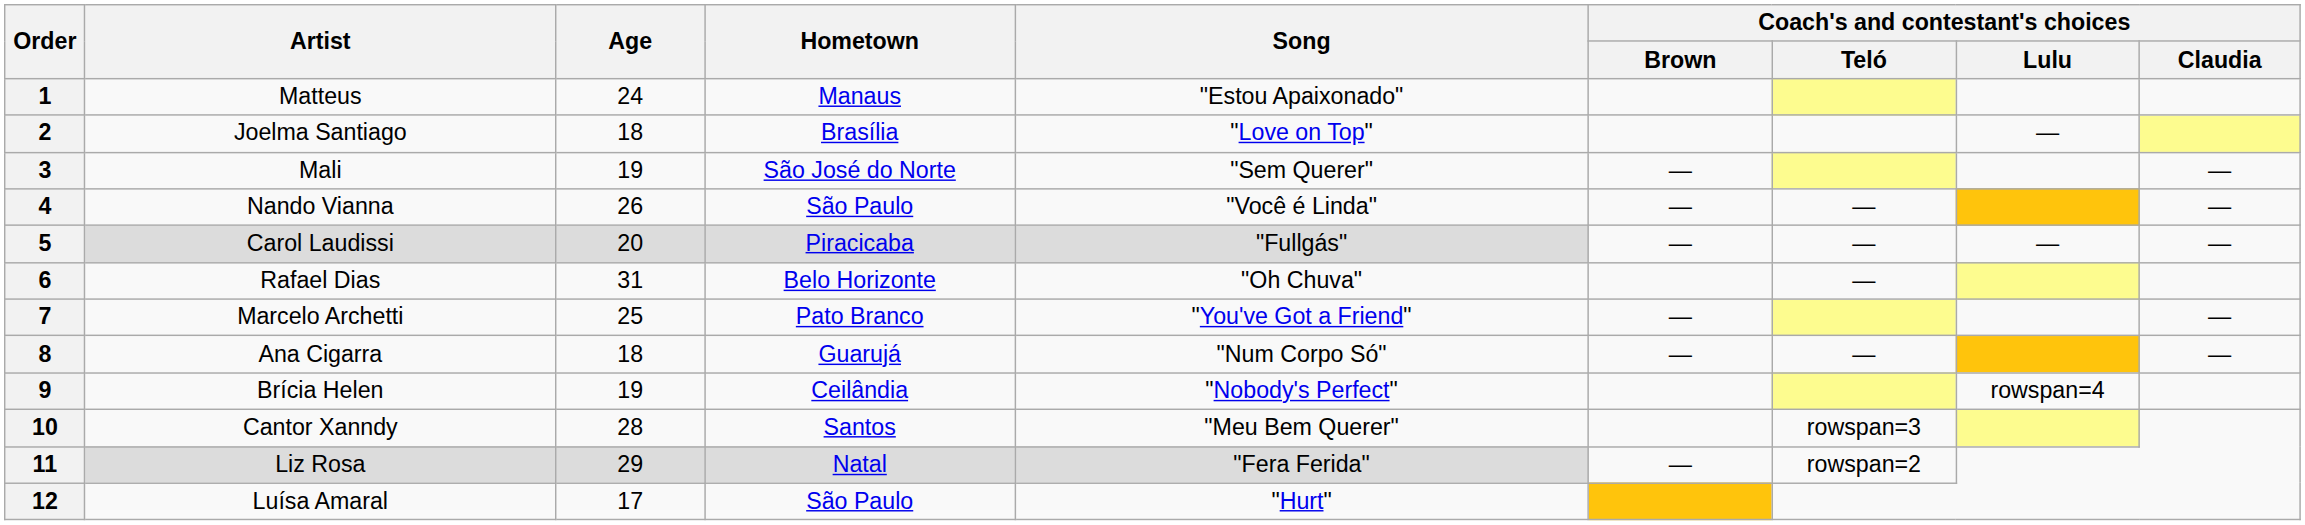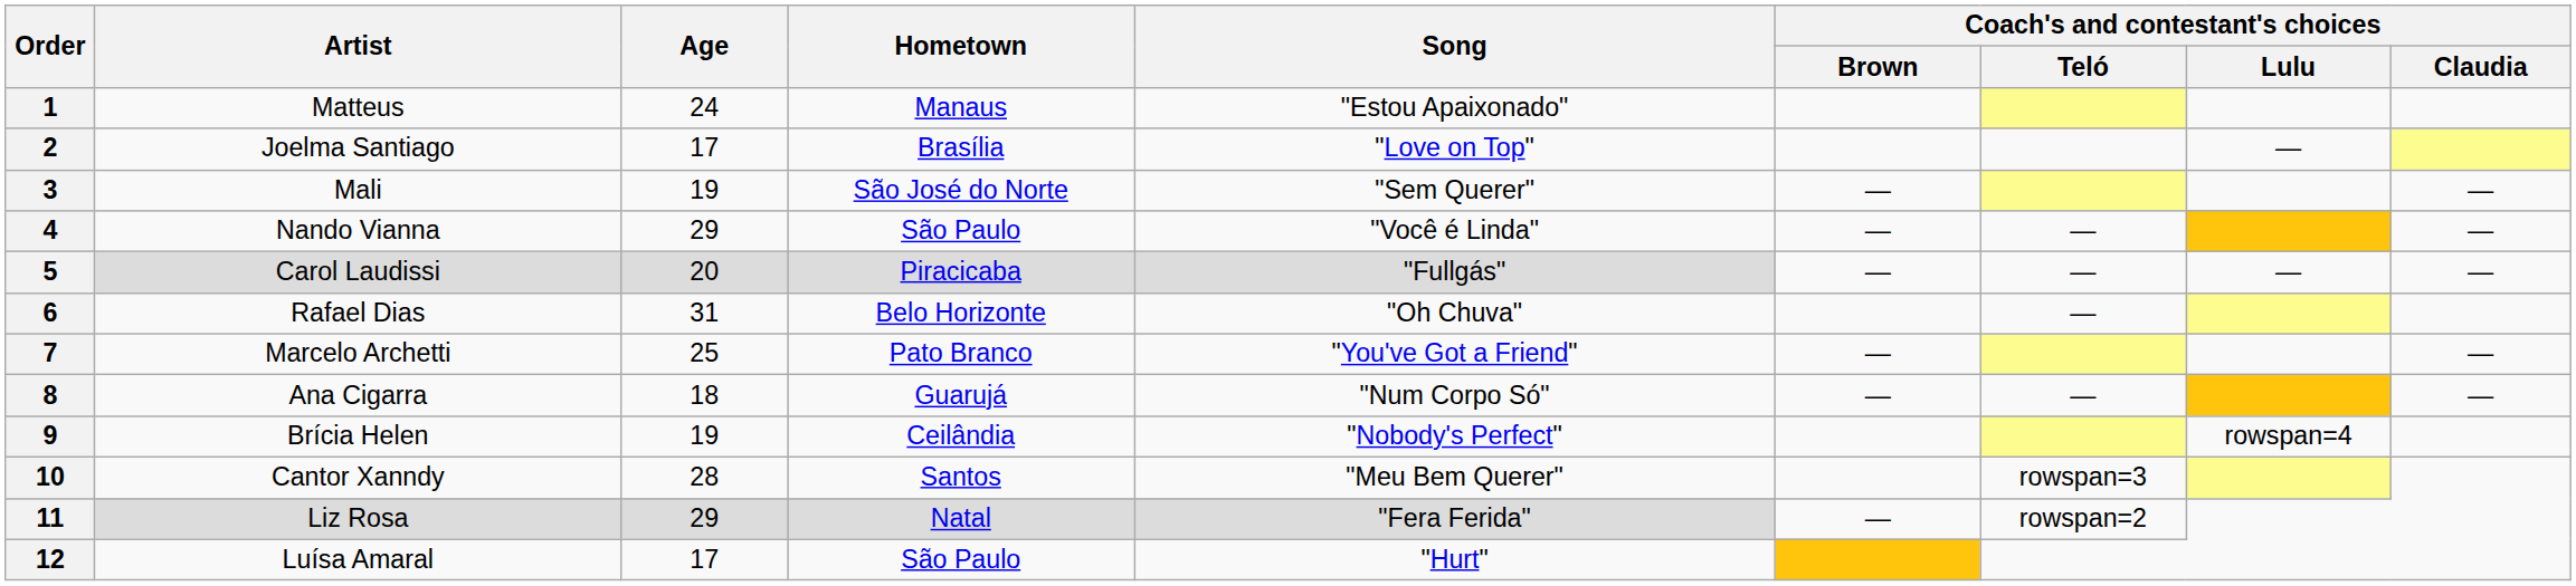 <table class="wikitable" style="text-align:center; width:100%;">
 <tr>
 <th rowspan=2 width="03.5%">Order</th>
 <th rowspan=2 width="20.5%">Artist</th>
 <th rowspan=2 width="06.5%">Age</th>
 <th rowspan=2 width="13.5%">Hometown</th>
 <th rowspan=2 width="25.0%">Song</th>
 <th colspan=4 width="32.0%">Coach's and contestant's choices</th>
 </tr>
 <tr>
 <th width="8.0%">Brown</th>
 <th width="8.0%">Teló</th>
 <th width="8.0%">Lulu</th>
 <th width="8.0%">Claudia</th>
 </tr>
 <tr>
 <th>1</th>
 <td>Matteus</td>
 <td>24</td>
 <td><a href='#'>Manaus</a></td>
 <td>"Estou Apaixonado"</td>
 <td><strong></strong></td>
 <td style="background-color:#fdfc8f"><strong></strong></td>
 <td><strong></strong></td>
 <td><strong></strong></td>
 </tr>
 <tr>
 <th>2</th>
 <td>Joelma Santiago</td>
-<td>18</td>
+<td>17</td>
 <td><a href='#'>Brasília</a></td>
 <td>"<a href='#'>Love on Top</a>"</td>
 <td><strong></strong></td>
 <td><strong></strong></td>
 <td>—</td>
 <td style="background-color:#fdfc8f"><strong></strong></td>
 </tr>
 <tr>
 <th>3</th>
 <td>Mali</td>
 <td>19</td>
 <td><a href='#'>São José do Norte</a></td>
 <td>"Sem Querer"</td>
 <td>—</td>
 <td style="background-color:#fdfc8f"><strong></strong></td>
 <td><strong></strong></td>
 <td>—</td>
 </tr>
 <tr>
 <th>4</th>
 <td>Nando Vianna</td>
-<td>26</td>
+<td>29</td>
 <td><a href='#'>São Paulo</a></td>
 <td>"Você é Linda"</td>
 <td>—</td>
 <td>—</td>
 <td style="background-color:#ffc40c"><strong></strong></td>
 <td>—</td>
 </tr>
 <tr>
 <th>5</th>
 <td style="background-color:#dcdcdc">Carol Laudissi</td>
 <td style="background-color:#dcdcdc">20</td>
 <td style="background-color:#dcdcdc"><a href='#'>Piracicaba</a></td>
 <td style="background-color:#dcdcdc">"Fullgás"</td>
 <td>—</td>
 <td>—</td>
 <td>—</td>
 <td>—</td>
 </tr>
 <tr>
 <th>6</th>
 <td>Rafael Dias</td>
 <td>31</td>
 <td><a href='#'>Belo Horizonte</a></td>
 <td>"Oh Chuva"</td>
 <td><strong></strong></td>
 <td>—</td>
 <td style="background-color:#fdfc8f"><strong></strong></td>
 <td><strong></strong></td>
 </tr>
 <tr>
 <th>7</th>
 <td>Marcelo Archetti</td>
 <td>25</td>
 <td><a href='#'>Pato Branco</a></td>
 <td>"<a href='#'>You've Got a Friend</a>"</td>
 <td>—</td>
 <td style="background-color:#fdfc8f"><strong></strong></td>
 <td><strong></strong></td>
 <td>—</td>
 </tr>
 <tr>
 <th>8</th>
 <td>Ana Cigarra</td>
 <td>18</td>
 <td><a href='#'>Guarujá</a></td>
 <td>"Num Corpo Só"</td>
 <td>—</td>
 <td>—</td>
 <td style="background-color:#FFC40C"><strong></strong></td>
 <td>—</td>
 </tr>
 <tr>
 <th>9</th>
 <td>Brícia Helen</td>
 <td>19</td>
 <td><a href='#'>Ceilândia</a></td>
 <td>"<a href='#'>Nobody's Perfect</a>"</td>
 <td><strong></strong></td>
 <td style="background-color:#fdfc8f"><strong></strong></td>
 <td>rowspan=4 </td>
 <td><strong></strong></td>
 </tr>
 <tr>
 <th>10</th>
 <td>Cantor Xanndy</td>
 <td>28</td>
 <td><a href='#'>Santos</a></td>
 <td>"Meu Bem Querer"</td>
 <td><strong></strong></td>
 <td>rowspan=3 </td>
 <td style="background-color:#fdfc8f"><strong></strong></td>
 </tr>
 <tr>
 <th>11</th>
 <td style="background-color:#dcdcdc">Liz Rosa</td>
 <td style="background-color:#dcdcdc">29</td>
 <td style="background-color:#dcdcdc"><a href='#'>Natal</a></td>
 <td style="background-color:#dcdcdc">"Fera Ferida"</td>
 <td>—</td>
 <td>rowspan=2 </td>
 </tr>
 <tr>
 <th>12</th>
 <td>Luísa Amaral</td>
 <td>17</td>
 <td><a href='#'>São Paulo</a></td>
 <td>"<a href='#'>Hurt</a>"</td>
 <td style="background-color:#FFC40C"><strong></strong></td>
 </tr>
 </table>
